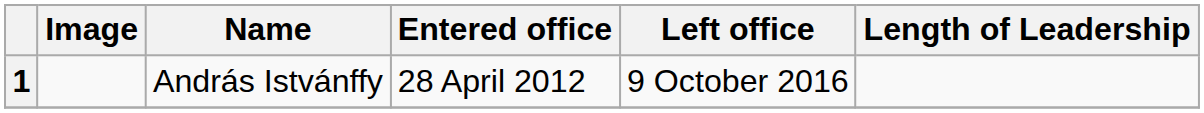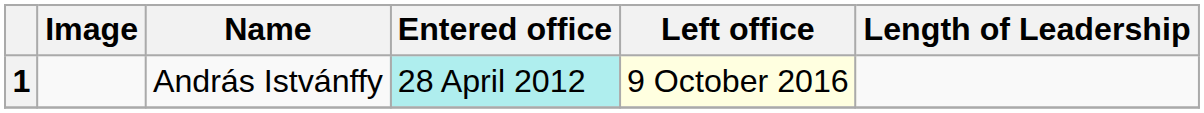 <table class="sortable wikitable">
 <tr>
 <th></th>
 <th>Image</th>
 <th>Name</th>
 <th>Entered office</th>
 <th>Left office</th>
 <th>Length of Leadership</th>
 </tr>
 <tr>
 <th>1</th>
 <td></td>
 <td>András Istvánffy</td>
-<td>28 April 2012</td>
-<td>9 October 2016</td>
+<td style="background: paleturquoise;">28 April 2012</td>
+<td style="background: lightyellow;">9 October 2016</td>
 <td></td>
 </tr>
 <tr>
 </tr>
 </table>
